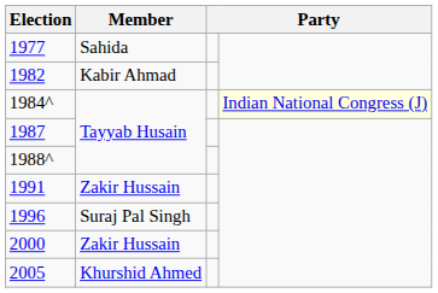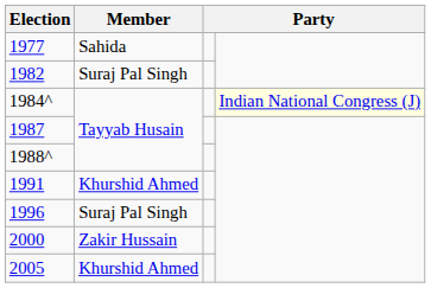 <table class="wikitable sortable">
 <tr>
 <th>Election</th>
 <th>Member</th>
 <th colspan=2>Party</th>
 </tr>
 <tr>
 <td><a href='#'>1977</a></td>
 <td>Sahida</td>
 <td></td>
 </tr>
 <tr>
 <td><a href='#'>1982</a></td>
-<td>Kabir Ahmad</td>
+<td>Suraj Pal Singh</td>
 <td></td>
 </tr>
 <tr>
 <td>1984^</td>
 <td rowspan=3><a href='#'>Tayyab Husain</a></td>
 <td width="4px" style="background-color: "></td>
 <td style="background: lightyellow;"><a href='#'>Indian National Congress (J)</a></td>
 </tr>
 <tr>
 <td><a href='#'>1987</a></td>
 <td></td>
 </tr>
 <tr>
 <td>1988^</td>
 <td></td>
 </tr>
 <tr>
 <td><a href='#'>1991</a></td>
-<td><a href='#'>Zakir Hussain</a></td>
+<td><a href='#'>Khurshid Ahmed</a></td>
 <td></td>
 </tr>
 <tr>
 <td><a href='#'>1996</a></td>
 <td>Suraj Pal Singh</td>
 <td></td>
 </tr>
 <tr>
 <td><a href='#'>2000</a></td>
 <td><a href='#'>Zakir Hussain</a></td>
 <td></td>
 </tr>
 <tr>
 <td><a href='#'>2005</a></td>
 <td><a href='#'>Khurshid Ahmed</a></td>
 <td></td>
 </tr>
 </table>
